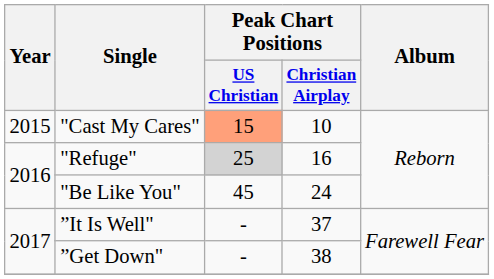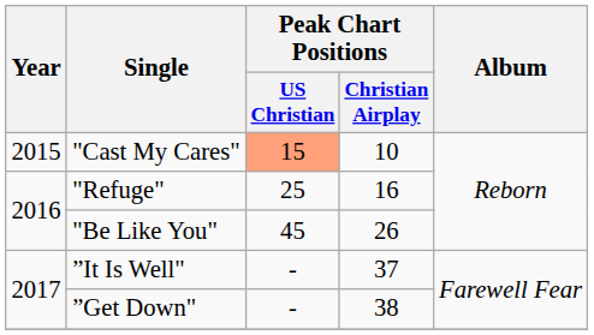 <table class="wikitable" style="text-align:center">
 <tr>
 <th rowspan="2">Year</th>
 <th rowspan="2">Single</th>
 <th colspan="2">Peak Chart Positions</th>
 <th rowspan="2">Album</th>
 </tr>
 <tr style="font-size:smaller;">
 <th style="width:40px;"><a href='#'>US<br>Christian</a></th>
 <th style="width:40px;"><a href='#'>Christian<br>Airplay</a><br></th>
 </tr>
 <tr>
 <td rowspan="1">2015</td>
 <td style="text-align:left">"Cast My Cares"</td>
 <td style="background: lightsalmon;">15</td>
 <td>10</td>
 <td rowspan="3" style="text-align:center”"><em>Reborn</em></td>
 </tr>
 <tr>
 <td rowspan="2">2016</td>
 <td style="text-align:left">"Refuge"</td>
-<td style="background: lightgrey;">25</td>
+<td>25</td>
 <td>16</td>
 </tr>
 <tr>
 <td style="text-align:left">"Be Like You"</td>
 <td>45</td>
-<td>24</td>
+<td>26</td>
 </tr>
 <tr>
 <td rowspan="2">2017</td>
 <td style="text-align:left">”It Is Well"</td>
 <td>-</td>
 <td>37</td>
 <td rowspan="2" style="text-align:center”"><em>Farewell Fear</em></td>
 </tr>
 <tr>
 <td style="text-align:left">”Get Down"</td>
 <td>-</td>
 <td>38</td>
 </tr>
 <tr>
 </tr>
 </table>
